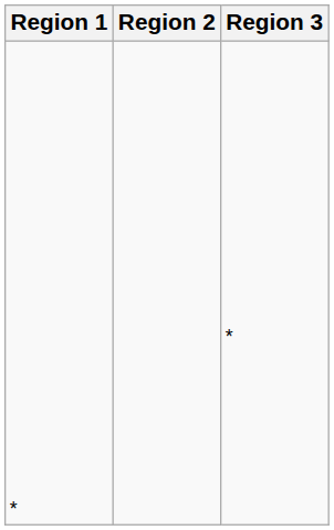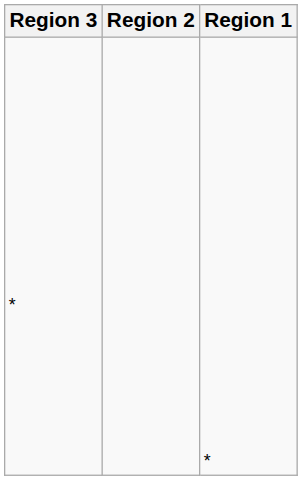 <table class="wikitable">
 <tr>
+<th>Region 3</th>
+<th>Region 2</th>
 <th>Region 1</th>
-<th>Region 2</th>
-<th>Region 3</th>
 </tr>
 <tr style="vertical-align:top; border:1px grey; font-size:85%; margin-left:1em;">
+<td><br><br><br><br><br><br><br><br><br><br><br><br><br>*<br><br><br></td>
+<td><br></td>
 <td><br><br><br><br><br><br><br><br><br><br><br><br><br><br><br><br><br><br><br><br><br>*</td>
-<td><br></td>
-<td><br><br><br><br><br><br><br><br><br><br><br><br><br>*<br><br><br></td>
 </tr>
 </table>
